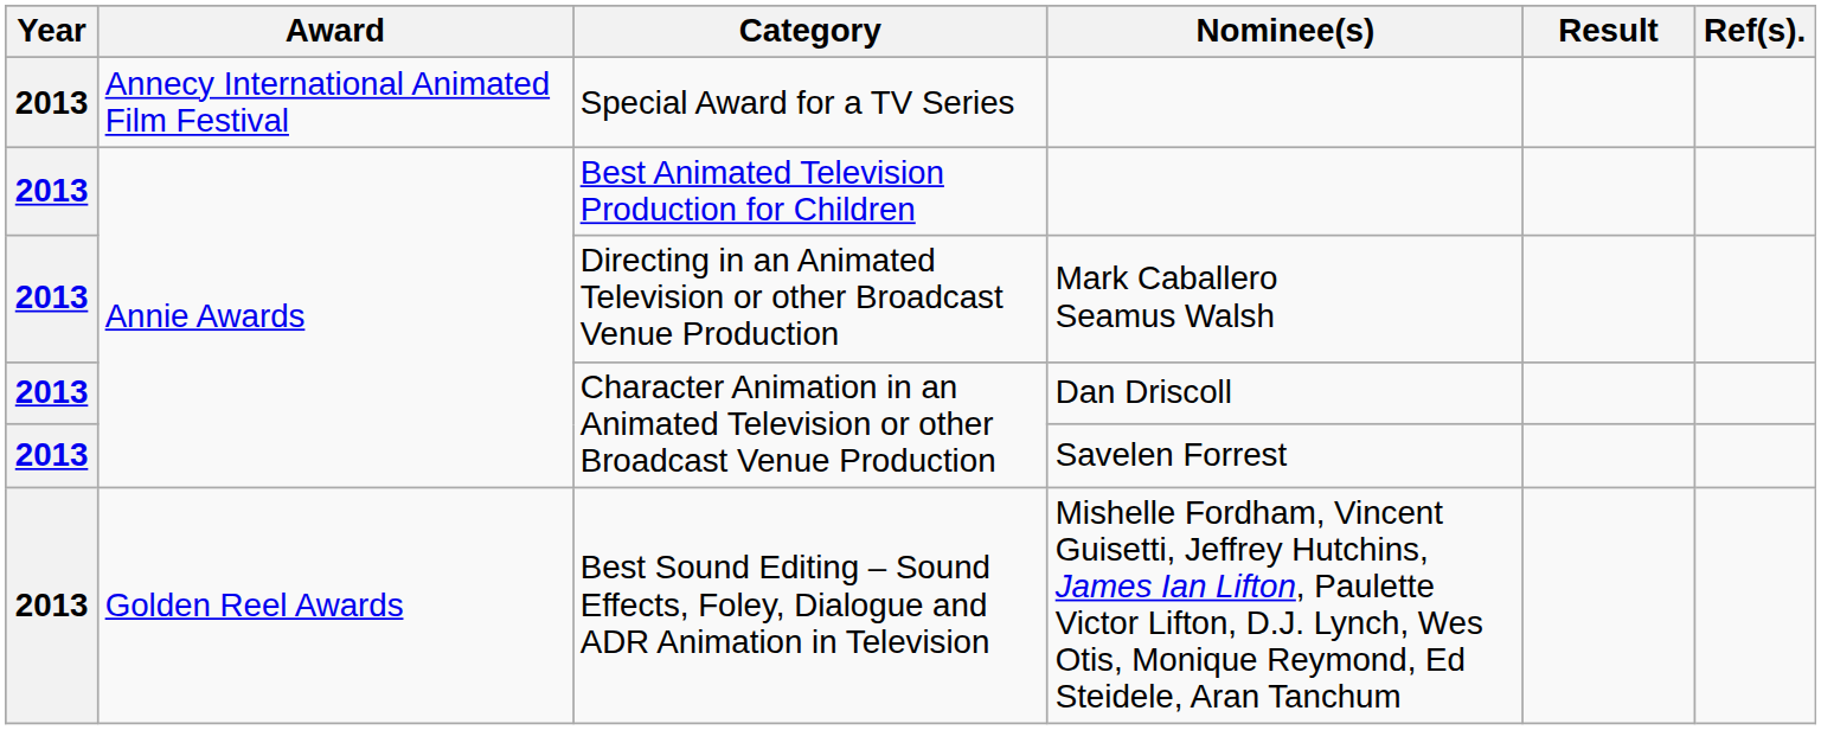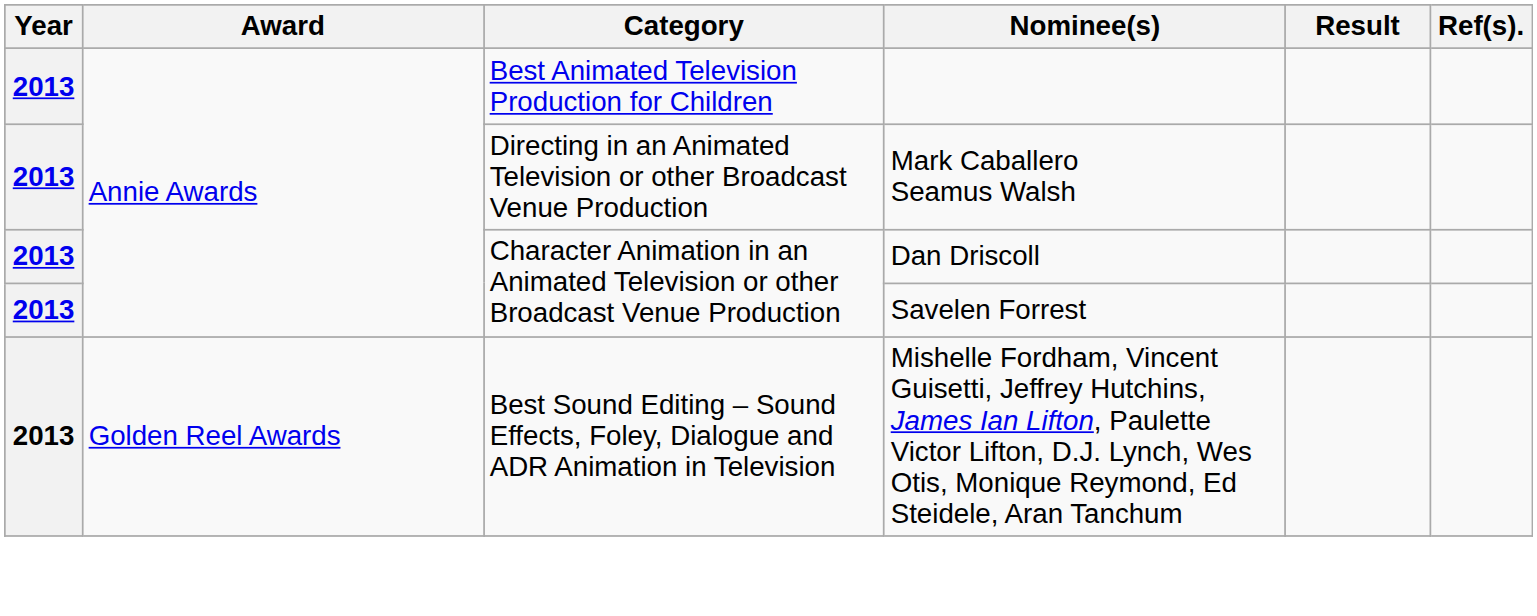 <table class="wikitable sortable plainrowheaders" width=100%>
 <tr>
 <th scope="col" style="width:4%;">Year</th>
 <th scope="col" style="width:25%;">Award</th>
 <th scope="col" style="width:25%;">Category</th>
 <th scope="col" style="width:25%;">Nominee(s)</th>
 <th scope="col" style="width:9%;">Result</th>
 <th scope="col" style="width:5%;" class="unsortable">Ref(s).</th>
-</tr>
-<tr>
-<th scope="row" style="text-align:center;">2013</th>
-<td><a href='#'>Annecy International Animated Film Festival</a></td>
-<td>Special Award for a TV Series</td>
-<td></td>
-<td></td>
-<td align=center></td>
 </tr>
 <tr>
 <th scope="row" style="text-align:center;"><a href='#'>2013</a></th>
 <td rowspan="4"><a href='#'>Annie Awards</a></td>
 <td><a href='#'>Best Animated Television Production for Children</a></td>
 <td></td>
 <td></td>
 <td align=center></td>
 </tr>
 <tr>
 <th scope="row" style="text-align:center;"><a href='#'>2013</a></th>
 <td>Directing in an Animated Television or other Broadcast Venue Production</td>
 <td>Mark Caballero<br>Seamus Walsh</td>
 <td></td>
 <td align=center></td>
 </tr>
 <tr>
 <th scope="row" style="text-align:center;"><a href='#'>2013</a></th>
 <td rowspan="2">Character Animation in an Animated Television or other Broadcast Venue Production</td>
 <td>Dan Driscoll</td>
 <td></td>
 <td align=center></td>
 </tr>
 <tr>
 <th scope="row" style="text-align:center;"><a href='#'>2013</a></th>
 <td>Savelen Forrest</td>
 <td></td>
 <td align=center></td>
 </tr>
 <tr>
 <th scope="row" style="text-align:center;">2013</th>
 <td><a href='#'>Golden Reel Awards</a></td>
 <td>Best Sound Editing – Sound Effects, Foley, Dialogue and ADR Animation in Television</td>
 <td>Mishelle Fordham, Vincent Guisetti, Jeffrey Hutchins, <em><a href='#'>James Ian Lifton</a></em>, Paulette Victor Lifton, D.J. Lynch, Wes Otis, Monique Reymond, Ed Steidele, Aran Tanchum</td>
 <td></td>
 <td align=center></td>
 </tr>
 </table>
